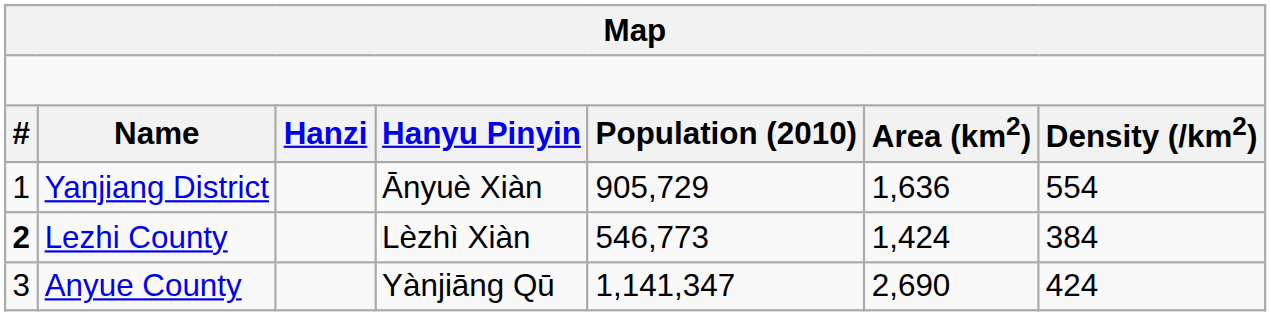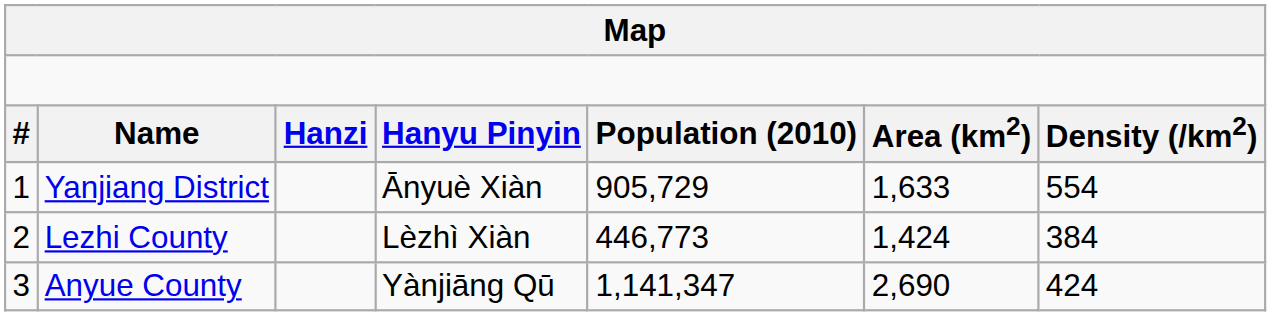 <table class="wikitable"  style="font-size:90%;" align=center>
 <tr>
 <th colspan="7" align="center">Map</th>
 </tr>
 <tr>
 <td colspan="7" align="center"><div><br>      </div></td>
 </tr>
 <tr>
 <th>#</th>
 <th>Name</th>
 <th><a href='#'>Hanzi</a></th>
 <th><a href='#'>Hanyu Pinyin</a></th>
 <th>Population (2010)</th>
 <th>Area (km<sup>2</sup>)</th>
 <th>Density (/km<sup>2</sup>)</th>
 </tr>
 <tr --------->
 <td>1</td>
 <td><a href='#'>Yanjiang District</a></td>
 <td></td>
 <td>Ānyuè Xiàn</td>
 <td>905,729</td>
-<td>1,636</td>
+<td>1,633</td>
 <td>554</td>
 </tr>
 <tr --------->
-<td><strong>2</strong></td>
+<td>2</td>
 <td><a href='#'>Lezhi County</a></td>
 <td></td>
 <td>Lèzhì Xiàn</td>
-<td>546,773</td>
+<td>446,773</td>
 <td>1,424</td>
 <td>384</td>
 </tr>
 <tr --------->
 <td>3</td>
 <td><a href='#'>Anyue County</a></td>
 <td></td>
 <td>Yànjiāng Qū</td>
 <td>1,141,347</td>
 <td>2,690</td>
 <td>424</td>
 </tr>
 </table>
